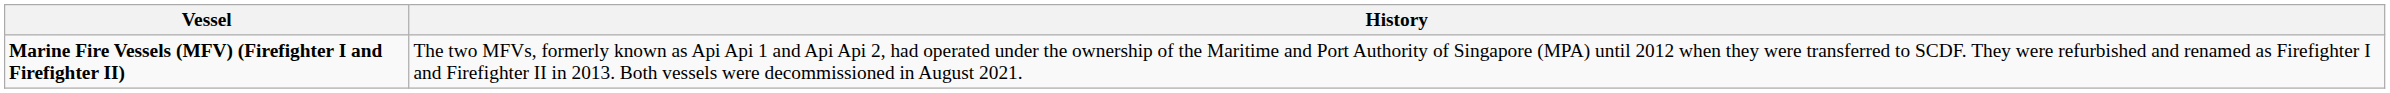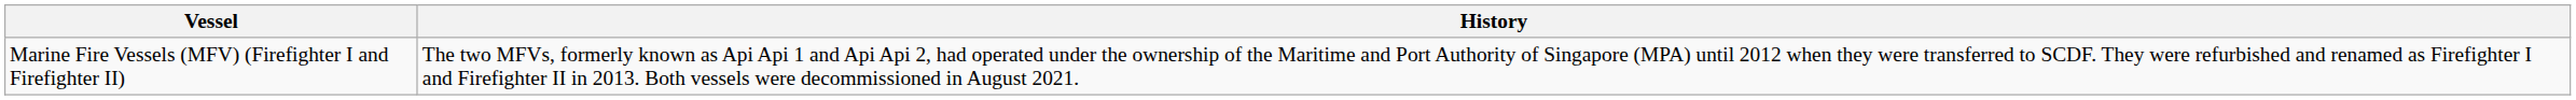 <table class="wikitable">
 <tr>
 <th>Vessel</th>
 <th>History</th>
 </tr>
 <tr>
-<td><strong>Marine Fire Vessels (MFV) (Firefighter I and Firefighter II)</strong></td>
+<td>Marine Fire Vessels (MFV) (Firefighter I and Firefighter II)</td>
 <td>The two MFVs, formerly known as Api Api 1 and Api Api 2, had operated under the ownership of the Maritime and Port Authority of Singapore (MPA) until 2012 when they were transferred to SCDF. They were refurbished and renamed as Firefighter I and Firefighter II in 2013. Both vessels were decommissioned in August 2021.</td>
 </tr>
 </table>
